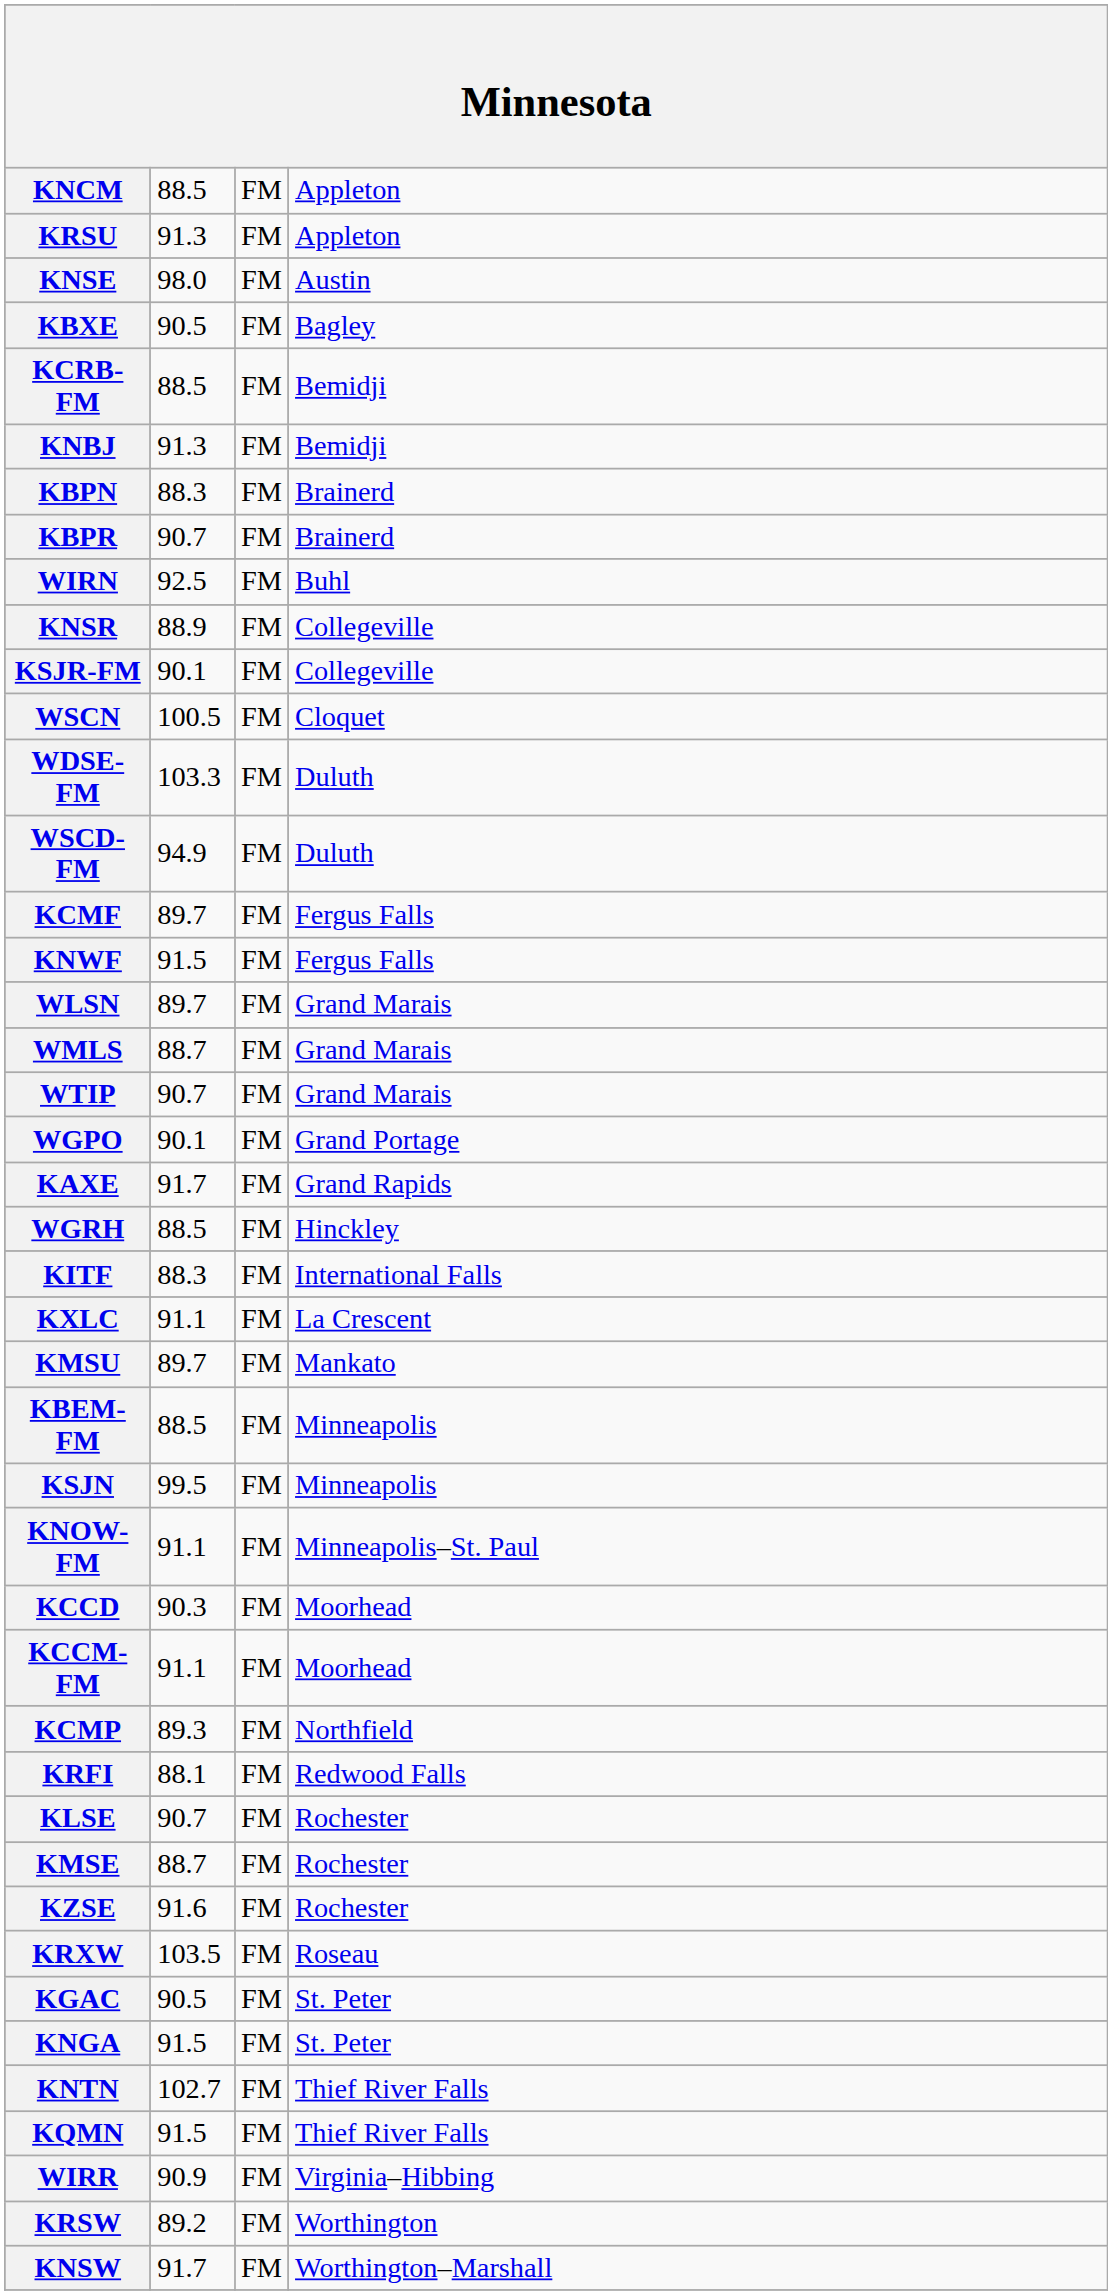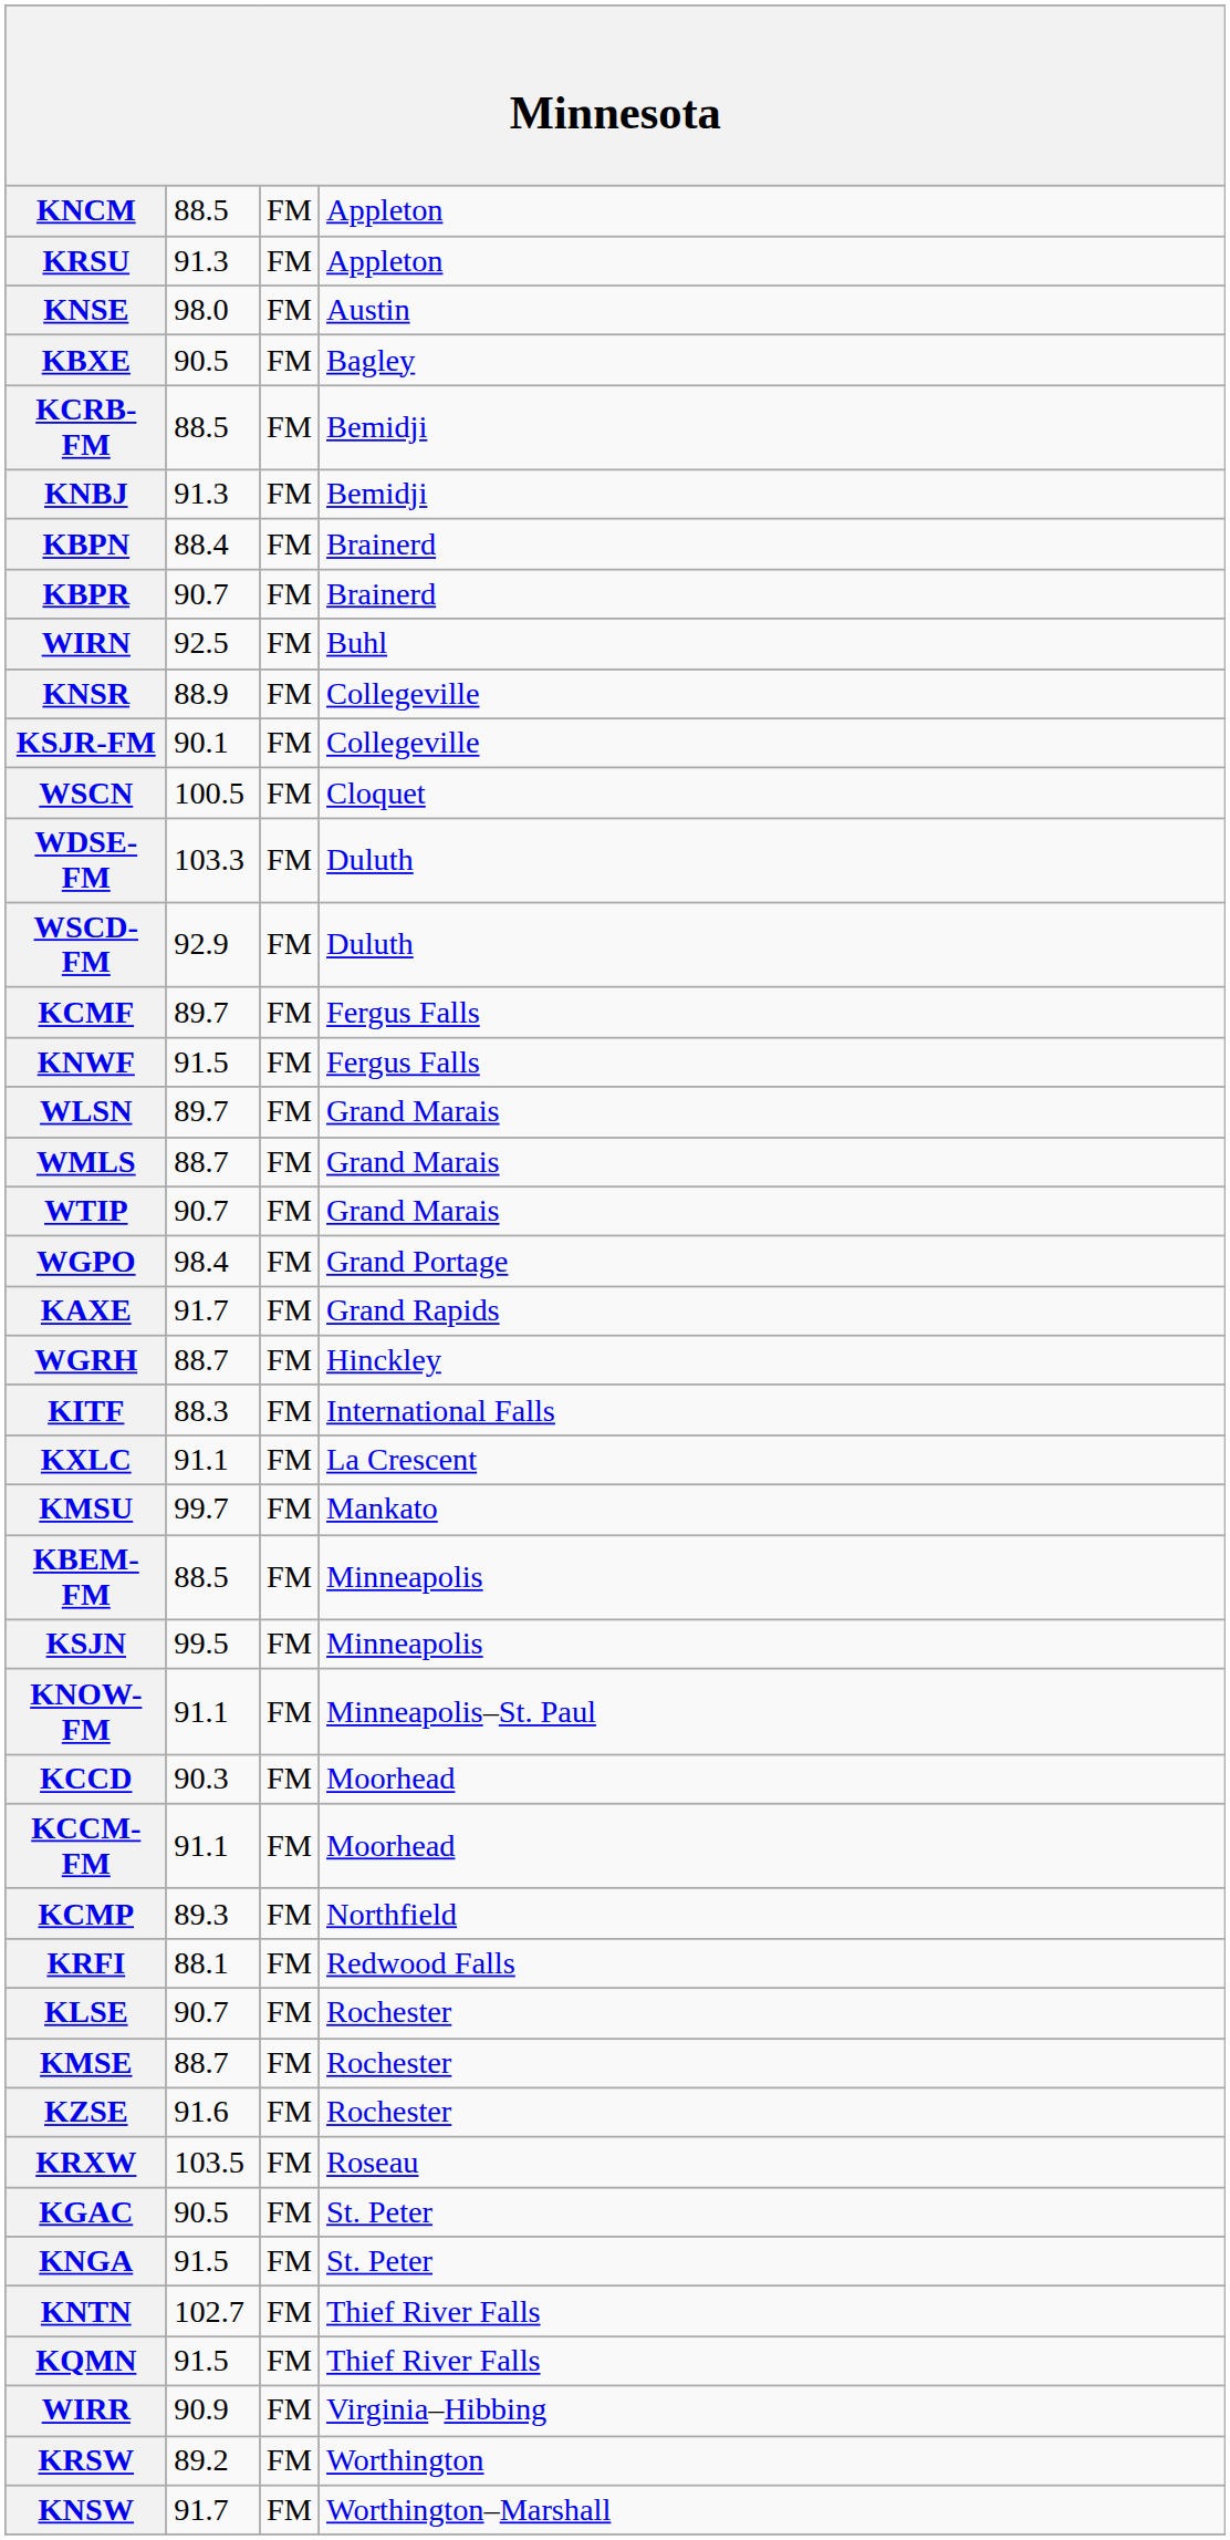 <table class="wikitable mw-collapsible" style="width:100%">
 <tr>
 <th scope="col" colspan="4"><br><h2>Minnesota</h2></th>
 </tr>
 <tr>
 <th scope="row" style="width: 75px;"><a href='#'>KNCM</a></th>
 <td style="width: 40px;">88.5</td>
 <td style="width: 21px;">FM</td>
 <td><a href='#'>Appleton</a></td>
 </tr>
 <tr>
 <th scope="row"><a href='#'>KRSU</a></th>
 <td>91.3</td>
 <td>FM</td>
 <td><a href='#'>Appleton</a></td>
 </tr>
 <tr>
 <th scope="row"><a href='#'>KNSE</a></th>
 <td>98.0</td>
 <td>FM</td>
 <td><a href='#'>Austin</a></td>
 </tr>
 <tr>
 <th scope="row"><a href='#'>KBXE</a></th>
 <td>90.5</td>
 <td>FM</td>
 <td><a href='#'>Bagley</a></td>
 </tr>
 <tr>
 <th scope="row"><a href='#'>KCRB-FM</a></th>
 <td>88.5</td>
 <td>FM</td>
 <td><a href='#'>Bemidji</a></td>
 </tr>
 <tr>
 <th scope="row"><a href='#'>KNBJ</a></th>
 <td>91.3</td>
 <td>FM</td>
 <td><a href='#'>Bemidji</a></td>
 </tr>
 <tr>
 <th scope="row"><a href='#'>KBPN</a></th>
-<td>88.3</td>
+<td>88.4</td>
 <td>FM</td>
 <td><a href='#'>Brainerd</a></td>
 </tr>
 <tr>
 <th scope="row"><a href='#'>KBPR</a></th>
 <td>90.7</td>
 <td>FM</td>
 <td><a href='#'>Brainerd</a></td>
 </tr>
 <tr>
 <th scope="row"><a href='#'>WIRN</a></th>
 <td>92.5</td>
 <td>FM</td>
 <td><a href='#'>Buhl</a></td>
 </tr>
 <tr>
 <th scope="row"><a href='#'>KNSR</a></th>
 <td>88.9</td>
 <td>FM</td>
 <td><a href='#'>Collegeville</a></td>
 </tr>
 <tr>
 <th scope="row"><a href='#'>KSJR-FM</a></th>
 <td>90.1</td>
 <td>FM</td>
 <td><a href='#'>Collegeville</a></td>
 </tr>
 <tr>
 <th scope="row"><a href='#'>WSCN</a></th>
 <td>100.5</td>
 <td>FM</td>
 <td><a href='#'>Cloquet</a></td>
 </tr>
 <tr>
 <th scope="row"><a href='#'>WDSE-FM</a></th>
 <td>103.3</td>
 <td>FM</td>
 <td><a href='#'>Duluth</a></td>
 </tr>
 <tr>
 <th scope="row"><a href='#'>WSCD-FM</a></th>
-<td>94.9</td>
+<td>92.9</td>
 <td>FM</td>
 <td><a href='#'>Duluth</a></td>
 </tr>
 <tr>
 <th scope="row"><a href='#'>KCMF</a></th>
 <td>89.7</td>
 <td>FM</td>
 <td><a href='#'>Fergus Falls</a></td>
 </tr>
 <tr>
 <th scope="row"><a href='#'>KNWF</a></th>
 <td>91.5</td>
 <td>FM</td>
 <td><a href='#'>Fergus Falls</a></td>
 </tr>
 <tr>
 <th scope="row"><a href='#'>WLSN</a></th>
 <td>89.7</td>
 <td>FM</td>
 <td><a href='#'>Grand Marais</a></td>
 </tr>
 <tr>
 <th scope="row"><a href='#'>WMLS</a></th>
 <td>88.7</td>
 <td>FM</td>
 <td><a href='#'>Grand Marais</a></td>
 </tr>
 <tr>
 <th scope="row"><a href='#'>WTIP</a></th>
 <td>90.7</td>
 <td>FM</td>
 <td><a href='#'>Grand Marais</a></td>
 </tr>
 <tr>
 <th scope="row"><a href='#'>WGPO</a></th>
-<td>90.1</td>
+<td>98.4</td>
 <td>FM</td>
 <td><a href='#'>Grand Portage</a></td>
 </tr>
 <tr>
 <th scope="row"><a href='#'>KAXE</a></th>
 <td>91.7</td>
 <td>FM</td>
 <td><a href='#'>Grand Rapids</a></td>
 </tr>
 <tr>
 <th scope="row"><a href='#'>WGRH</a></th>
-<td>88.5</td>
+<td>88.7</td>
 <td>FM</td>
 <td><a href='#'>Hinckley</a></td>
 </tr>
 <tr>
 <th scope="row"><a href='#'>KITF</a></th>
 <td>88.3</td>
 <td>FM</td>
 <td><a href='#'>International Falls</a></td>
 </tr>
 <tr>
 <th scope="row"><a href='#'>KXLC</a></th>
 <td>91.1</td>
 <td>FM</td>
 <td><a href='#'>La Crescent</a></td>
 </tr>
 <tr>
 <th scope="row"><a href='#'>KMSU</a></th>
-<td>89.7</td>
+<td>99.7</td>
 <td>FM</td>
 <td><a href='#'>Mankato</a></td>
 </tr>
 <tr>
 <th scope="row"><a href='#'>KBEM-FM</a></th>
 <td>88.5</td>
 <td>FM</td>
 <td><a href='#'>Minneapolis</a></td>
 </tr>
 <tr>
 <th scope="row"><a href='#'>KSJN</a></th>
 <td>99.5</td>
 <td>FM</td>
 <td><a href='#'>Minneapolis</a></td>
 </tr>
 <tr>
 <th scope="row"><a href='#'>KNOW-FM</a></th>
 <td>91.1</td>
 <td>FM</td>
 <td><a href='#'>Minneapolis</a>–<a href='#'>St. Paul</a></td>
 </tr>
 <tr>
 <th scope="row"><a href='#'>KCCD</a></th>
 <td>90.3</td>
 <td>FM</td>
 <td><a href='#'>Moorhead</a></td>
 </tr>
 <tr>
 <th scope="row"><a href='#'>KCCM-FM</a></th>
 <td>91.1</td>
 <td>FM</td>
 <td><a href='#'>Moorhead</a></td>
 </tr>
 <tr>
 <th scope="row"><a href='#'>KCMP</a></th>
 <td>89.3</td>
 <td>FM</td>
 <td><a href='#'>Northfield</a></td>
 </tr>
 <tr>
 <th scope="row"><a href='#'>KRFI</a></th>
 <td>88.1</td>
 <td>FM</td>
 <td><a href='#'>Redwood Falls</a></td>
 </tr>
 <tr>
 <th scope="row"><a href='#'>KLSE</a></th>
 <td>90.7</td>
 <td>FM</td>
 <td><a href='#'>Rochester</a></td>
 </tr>
 <tr>
 <th scope="row"><a href='#'>KMSE</a></th>
 <td>88.7</td>
 <td>FM</td>
 <td><a href='#'>Rochester</a></td>
 </tr>
 <tr>
 <th scope="row"><a href='#'>KZSE</a></th>
 <td>91.6</td>
 <td>FM</td>
 <td><a href='#'>Rochester</a></td>
 </tr>
 <tr>
 <th scope="row"><a href='#'>KRXW</a></th>
 <td>103.5</td>
 <td>FM</td>
 <td><a href='#'>Roseau</a></td>
 </tr>
 <tr>
 <th scope="row"><a href='#'>KGAC</a></th>
 <td>90.5</td>
 <td>FM</td>
 <td><a href='#'>St. Peter</a></td>
 </tr>
 <tr>
 <th scope="row"><a href='#'>KNGA</a></th>
 <td>91.5</td>
 <td>FM</td>
 <td><a href='#'>St. Peter</a></td>
 </tr>
 <tr>
 <th scope="row"><a href='#'>KNTN</a></th>
 <td>102.7</td>
 <td>FM</td>
 <td><a href='#'>Thief River Falls</a></td>
 </tr>
 <tr>
 <th scope="row"><a href='#'>KQMN</a></th>
 <td>91.5</td>
 <td>FM</td>
 <td><a href='#'>Thief River Falls</a></td>
 </tr>
 <tr>
 <th scope="row"><a href='#'>WIRR</a></th>
 <td>90.9</td>
 <td>FM</td>
 <td><a href='#'>Virginia</a>–<a href='#'>Hibbing</a></td>
 </tr>
 <tr>
 <th scope="row"><a href='#'>KRSW</a></th>
 <td>89.2</td>
 <td>FM</td>
 <td><a href='#'>Worthington</a></td>
 </tr>
 <tr>
 <th scope="row"><a href='#'>KNSW</a></th>
 <td>91.7</td>
 <td>FM</td>
 <td><a href='#'>Worthington</a>–<a href='#'>Marshall</a></td>
 </tr>
 </table>
